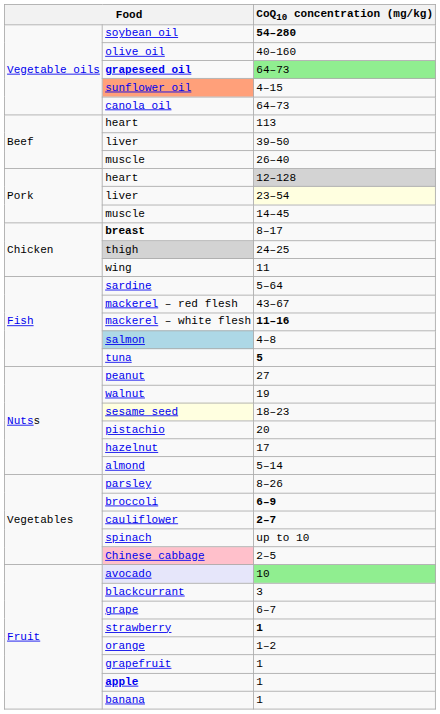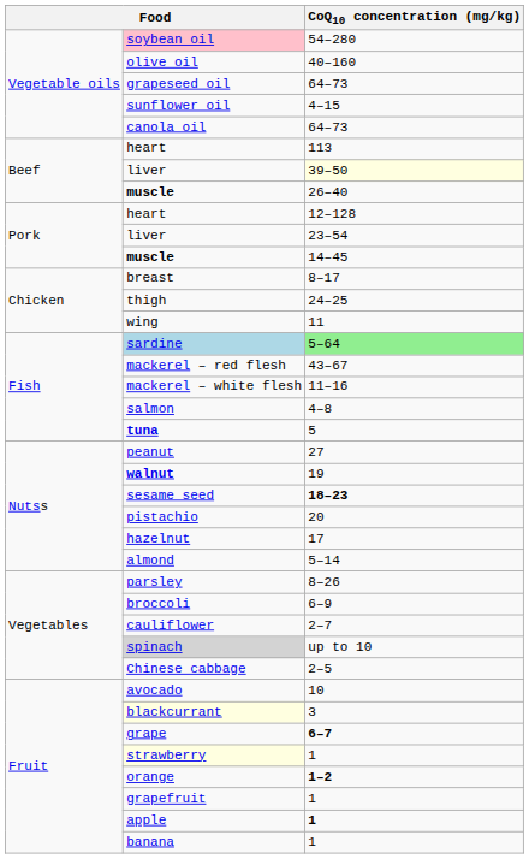 <table class="wikitable">
 <tr>
 <th colspan="2">Food</th>
 <th>CoQ<sub>10</sub> concentration (mg/kg)</th>
 </tr>
 <tr>
 <td rowspan="5"><a href='#'>Vegetable oils</a></td>
-<td><a href='#'>soybean oil</a></td>
-<td><strong>54–280</strong></td>
+<td style="background: pink;"><a href='#'>soybean oil</a></td>
+<td>54–280</td>
 </tr>
 <tr>
 <td><a href='#'>olive oil</a></td>
 <td>40–160</td>
 </tr>
 <tr>
-<td><strong><a href='#'>grapeseed oil</a></strong></td>
-<td style="background: lightgreen;">64–73</td>
+<td><a href='#'>grapeseed oil</a></td>
+<td>64–73</td>
 </tr>
 <tr>
-<td style="background: lightsalmon;"><a href='#'>sunflower oil</a></td>
+<td><a href='#'>sunflower oil</a></td>
 <td>4–15</td>
 </tr>
 <tr>
 <td><a href='#'>canola oil</a></td>
 <td>64–73</td>
 </tr>
 <tr>
 <td rowspan="3">Beef</td>
 <td>heart</td>
 <td>113</td>
 </tr>
 <tr>
 <td>liver</td>
-<td>39–50</td>
+<td style="background: lightyellow;">39–50</td>
 </tr>
 <tr>
-<td>muscle</td>
+<td><strong>muscle</strong></td>
 <td>26–40</td>
 </tr>
 <tr>
 <td rowspan="3">Pork</td>
 <td>heart</td>
-<td style="background: lightgrey;">12–128</td>
+<td>12–128</td>
 </tr>
 <tr>
 <td>liver</td>
-<td style="background: lightyellow;">23–54</td>
+<td>23–54</td>
 </tr>
 <tr>
-<td>muscle</td>
+<td><strong>muscle</strong></td>
 <td>14–45</td>
 </tr>
 <tr>
 <td rowspan="3">Chicken</td>
-<td><strong>breast</strong></td>
+<td>breast</td>
 <td>8–17</td>
 </tr>
 <tr>
-<td style="background: lightgrey;">thigh</td>
+<td>thigh</td>
 <td>24–25</td>
 </tr>
 <tr>
 <td>wing</td>
 <td>11</td>
 </tr>
 <tr>
 <td rowspan="5"><a href='#'>Fish</a></td>
-<td><a href='#'>sardine</a></td>
-<td>5–64</td>
+<td style="background: lightblue;"><a href='#'>sardine</a></td>
+<td style="background: lightgreen;">5–64</td>
 </tr>
 <tr>
 <td><a href='#'>mackerel</a> – red flesh</td>
 <td>43–67</td>
 </tr>
 <tr>
 <td><a href='#'>mackerel</a> – white flesh</td>
-<td><strong>11–16</strong></td>
+<td>11–16</td>
 </tr>
 <tr>
-<td style="background: lightblue;"><a href='#'>salmon</a></td>
+<td><a href='#'>salmon</a></td>
 <td>4–8</td>
 </tr>
 <tr>
-<td><a href='#'>tuna</a></td>
-<td><strong>5</strong></td>
+<td><strong><a href='#'>tuna</a></strong></td>
+<td>5</td>
 </tr>
 <tr>
 <td rowspan="6"><a href='#'>Nuts</a>s</td>
 <td><a href='#'>peanut</a></td>
 <td>27</td>
 </tr>
 <tr>
-<td><a href='#'>walnut</a></td>
+<td><strong><a href='#'>walnut</a></strong></td>
 <td>19</td>
 </tr>
 <tr>
-<td style="background: lightyellow;"><a href='#'>sesame seed</a></td>
-<td>18–23</td>
+<td><a href='#'>sesame seed</a></td>
+<td><strong>18–23</strong></td>
 </tr>
 <tr>
 <td><a href='#'>pistachio</a></td>
 <td>20</td>
 </tr>
 <tr>
 <td><a href='#'>hazelnut</a></td>
 <td>17</td>
 </tr>
 <tr>
 <td><a href='#'>almond</a></td>
 <td>5–14</td>
 </tr>
 <tr>
 <td rowspan="5">Vegetables</td>
 <td><a href='#'>parsley</a></td>
 <td>8–26</td>
 </tr>
 <tr>
 <td><a href='#'>broccoli</a></td>
-<td><strong>6–9</strong></td>
+<td>6–9</td>
 </tr>
 <tr>
 <td><a href='#'>cauliflower</a></td>
-<td><strong>2–7</strong></td>
+<td>2–7</td>
 </tr>
 <tr>
-<td><a href='#'>spinach</a></td>
+<td style="background: lightgrey;"><a href='#'>spinach</a></td>
 <td>up to 10</td>
 </tr>
 <tr>
-<td style="background: pink;"><a href='#'>Chinese cabbage</a></td>
+<td><a href='#'>Chinese cabbage</a></td>
 <td>2–5</td>
 </tr>
 <tr>
 <td rowspan="8"><a href='#'>Fruit</a></td>
-<td style="background: lavender;"><a href='#'>avocado</a></td>
-<td style="background: lightgreen;">10</td>
+<td><a href='#'>avocado</a></td>
+<td>10</td>
 </tr>
 <tr>
-<td><a href='#'>blackcurrant</a></td>
+<td style="background: lightyellow;"><a href='#'>blackcurrant</a></td>
 <td>3</td>
 </tr>
 <tr>
 <td><a href='#'>grape</a></td>
-<td>6–7</td>
+<td><strong>6–7</strong></td>
 </tr>
 <tr>
-<td><a href='#'>strawberry</a></td>
-<td><strong>1</strong></td>
+<td style="background: lightyellow;"><a href='#'>strawberry</a></td>
+<td>1</td>
 </tr>
 <tr>
 <td><a href='#'>orange</a></td>
-<td>1–2</td>
+<td><strong>1–2</strong></td>
 </tr>
 <tr>
 <td><a href='#'>grapefruit</a></td>
 <td>1</td>
 </tr>
 <tr>
-<td><strong><a href='#'>apple</a></strong></td>
-<td>1</td>
+<td><a href='#'>apple</a></td>
+<td><strong>1</strong></td>
 </tr>
 <tr>
 <td><a href='#'>banana</a></td>
 <td>1</td>
 </tr>
 </table>
